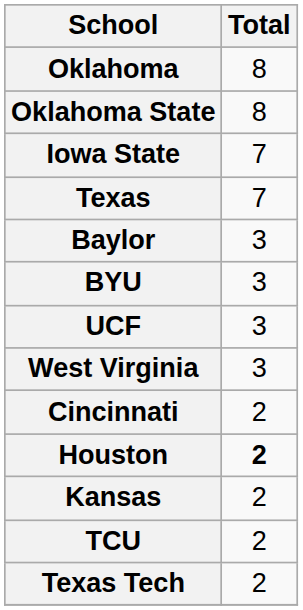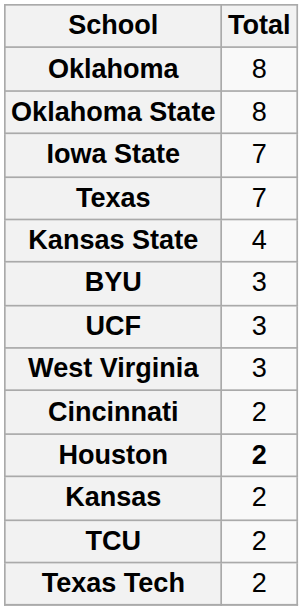 <table class=wikitable style="text-align:center">
 <tr>
 <th>School</th>
 <th>Total</th>
 </tr>
 <tr>
 <th>Oklahoma</th>
 <td>8</td>
 </tr>
 <tr>
 <th>Oklahoma State</th>
 <td>8</td>
 </tr>
 <tr>
 <th>Iowa State</th>
 <td>7</td>
 </tr>
 <tr>
 <th>Texas</th>
 <td>7</td>
 </tr>
 <tr>
-<th>Baylor</th>
-<td>3</td>
+<th>Kansas State</th>
+<td>4</td>
 </tr>
 <tr>
 <th>BYU</th>
 <td>3</td>
 </tr>
 <tr>
 <th>UCF</th>
 <td>3</td>
 </tr>
 <tr>
 <th>West Virginia</th>
 <td>3</td>
 </tr>
 <tr>
 <th>Cincinnati</th>
 <td>2</td>
 </tr>
 <tr>
 <th>Houston</th>
 <td><strong>2</strong></td>
 </tr>
 <tr>
 <th>Kansas</th>
 <td>2</td>
 </tr>
 <tr>
 <th>TCU</th>
 <td>2</td>
 </tr>
 <tr>
 <th>Texas Tech</th>
 <td>2</td>
 </tr>
 <tr>
 </tr>
 </table>
